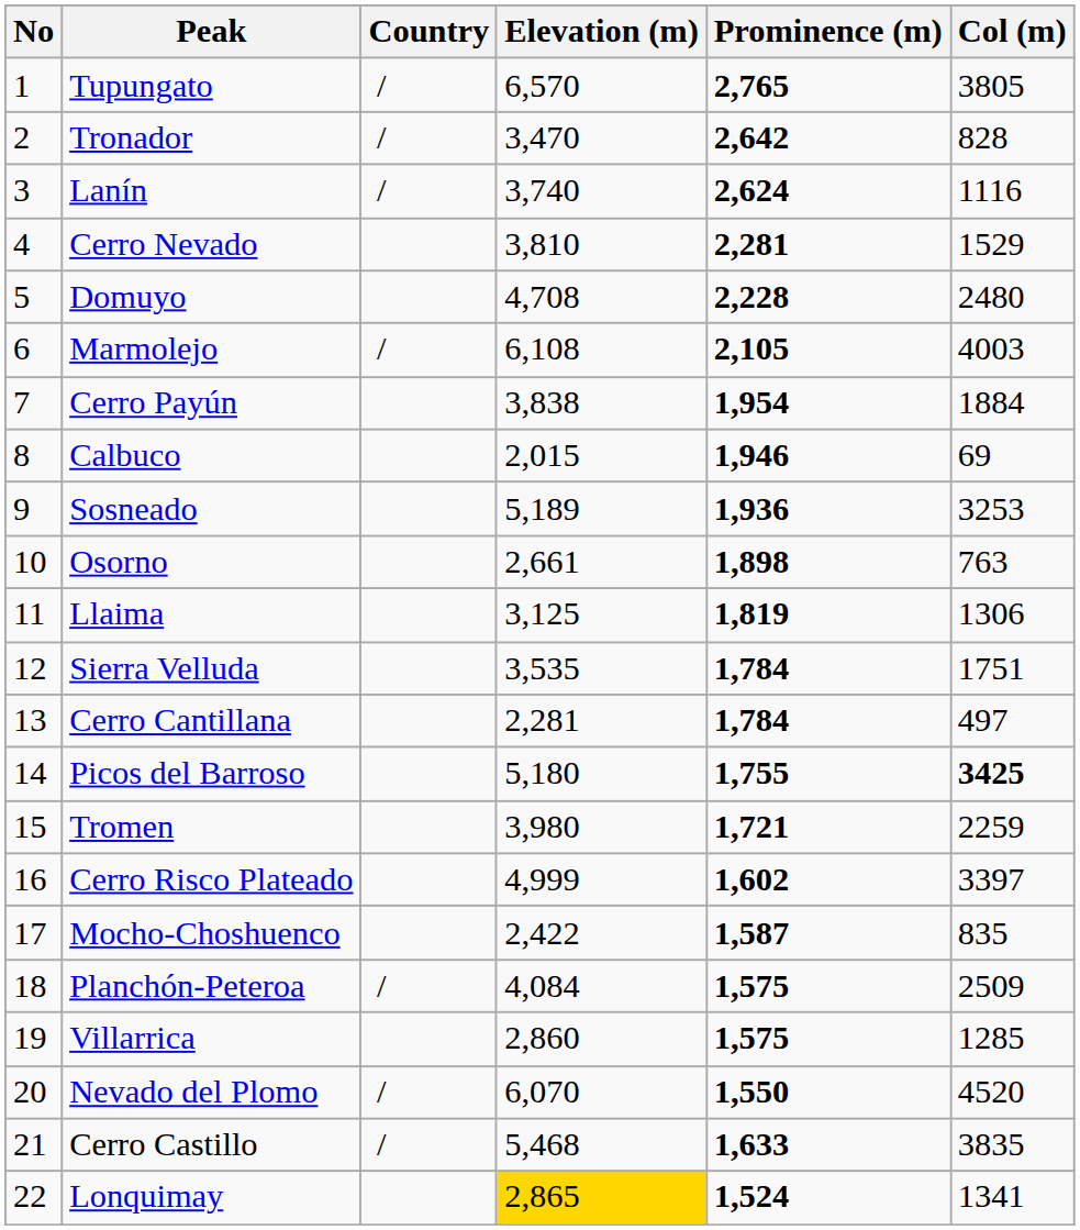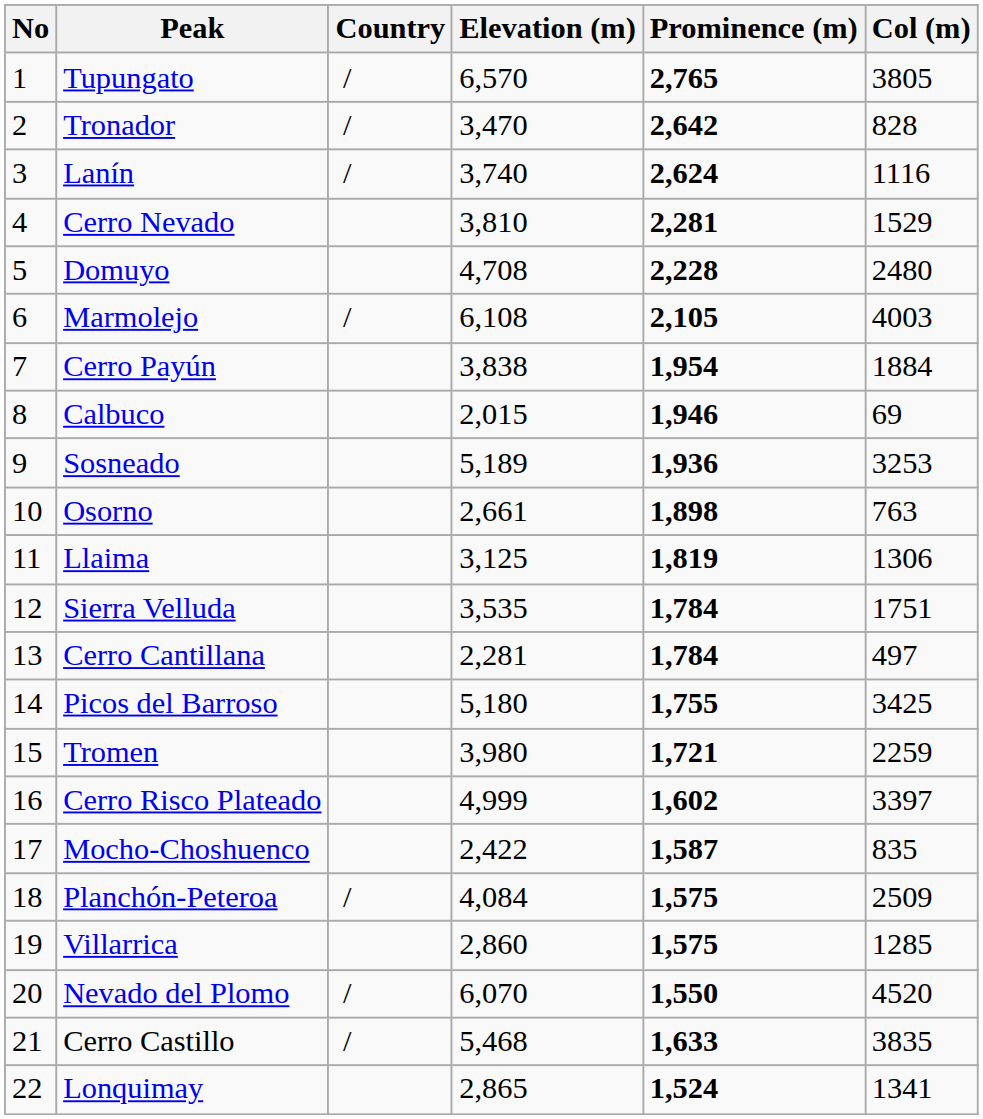 <table class="wikitable sortable">
 <tr>
 <th>No</th>
 <th>Peak</th>
 <th>Country</th>
 <th>Elevation (m)</th>
 <th>Prominence (m)</th>
 <th>Col (m)</th>
 </tr>
 <tr>
 <td>1</td>
 <td><a href='#'>Tupungato</a></td>
 <td> / </td>
 <td>6,570</td>
 <td><strong>2,765</strong></td>
 <td>3805</td>
 </tr>
 <tr>
 <td>2</td>
 <td><a href='#'>Tronador</a></td>
 <td> / </td>
 <td>3,470</td>
 <td><strong>2,642</strong></td>
 <td>828</td>
 </tr>
 <tr>
 <td>3</td>
 <td><a href='#'>Lanín</a></td>
 <td> / </td>
 <td>3,740</td>
 <td><strong>2,624</strong></td>
 <td>1116</td>
 </tr>
 <tr>
 <td>4</td>
 <td><a href='#'>Cerro Nevado</a></td>
 <td></td>
 <td>3,810</td>
 <td><strong>2,281</strong></td>
 <td>1529</td>
 </tr>
 <tr>
 <td>5</td>
 <td><a href='#'>Domuyo</a></td>
 <td></td>
 <td>4,708</td>
 <td><strong>2,228</strong></td>
 <td>2480</td>
 </tr>
 <tr>
 <td>6</td>
 <td><a href='#'>Marmolejo</a></td>
 <td> / </td>
 <td>6,108</td>
 <td><strong>2,105</strong></td>
 <td>4003</td>
 </tr>
 <tr>
 <td>7</td>
 <td><a href='#'>Cerro Payún</a></td>
 <td></td>
 <td>3,838</td>
 <td><strong>1,954</strong></td>
 <td>1884</td>
 </tr>
 <tr>
 <td>8</td>
 <td><a href='#'>Calbuco</a></td>
 <td></td>
 <td>2,015</td>
 <td><strong>1,946</strong></td>
 <td>69</td>
 </tr>
 <tr>
 <td>9</td>
 <td><a href='#'>Sosneado</a></td>
 <td></td>
 <td>5,189</td>
 <td><strong>1,936</strong></td>
 <td>3253</td>
 </tr>
 <tr>
 <td>10</td>
 <td><a href='#'>Osorno</a></td>
 <td></td>
 <td>2,661</td>
 <td><strong>1,898</strong></td>
 <td>763</td>
 </tr>
 <tr>
 <td>11</td>
 <td><a href='#'>Llaima</a></td>
 <td></td>
 <td>3,125</td>
 <td><strong>1,819</strong></td>
 <td>1306</td>
 </tr>
 <tr>
 <td>12</td>
 <td><a href='#'>Sierra Velluda</a></td>
 <td></td>
 <td>3,535</td>
 <td><strong>1,784</strong></td>
 <td>1751</td>
 </tr>
 <tr>
 <td>13</td>
 <td><a href='#'>Cerro Cantillana</a></td>
 <td></td>
 <td>2,281</td>
 <td><strong>1,784</strong></td>
 <td>497</td>
 </tr>
 <tr>
 <td>14</td>
 <td><a href='#'>Picos del Barroso</a></td>
 <td></td>
 <td>5,180</td>
 <td><strong>1,755</strong></td>
-<td><strong>3425</strong></td>
+<td>3425</td>
 </tr>
 <tr>
 <td>15</td>
 <td><a href='#'>Tromen</a></td>
 <td></td>
 <td>3,980</td>
 <td><strong>1,721</strong></td>
 <td>2259</td>
 </tr>
 <tr>
 <td>16</td>
 <td><a href='#'>Cerro Risco Plateado</a></td>
 <td></td>
 <td>4,999</td>
 <td><strong>1,602</strong></td>
 <td>3397</td>
 </tr>
 <tr>
 <td>17</td>
 <td><a href='#'>Mocho-Choshuenco</a></td>
 <td></td>
 <td>2,422</td>
 <td><strong>1,587</strong></td>
 <td>835</td>
 </tr>
 <tr>
 <td>18</td>
 <td><a href='#'>Planchón-Peteroa</a></td>
 <td> / </td>
 <td>4,084</td>
 <td><strong>1,575</strong></td>
 <td>2509</td>
 </tr>
 <tr>
 <td>19</td>
 <td><a href='#'>Villarrica</a></td>
 <td></td>
 <td>2,860</td>
 <td><strong>1,575</strong></td>
 <td>1285</td>
 </tr>
 <tr>
 <td>20</td>
 <td><a href='#'>Nevado del Plomo</a></td>
 <td> / </td>
 <td>6,070</td>
 <td><strong>1,550</strong></td>
 <td>4520</td>
 </tr>
 <tr>
 <td>21</td>
 <td>Cerro Castillo</td>
 <td> / </td>
 <td>5,468</td>
 <td><strong>1,633</strong></td>
 <td>3835</td>
 </tr>
 <tr>
 <td>22</td>
 <td><a href='#'>Lonquimay</a></td>
 <td></td>
-<td style="background: gold;">2,865</td>
+<td>2,865</td>
 <td><strong>1,524</strong></td>
 <td>1341</td>
 </tr>
 <tr>
 </tr>
 </table>
